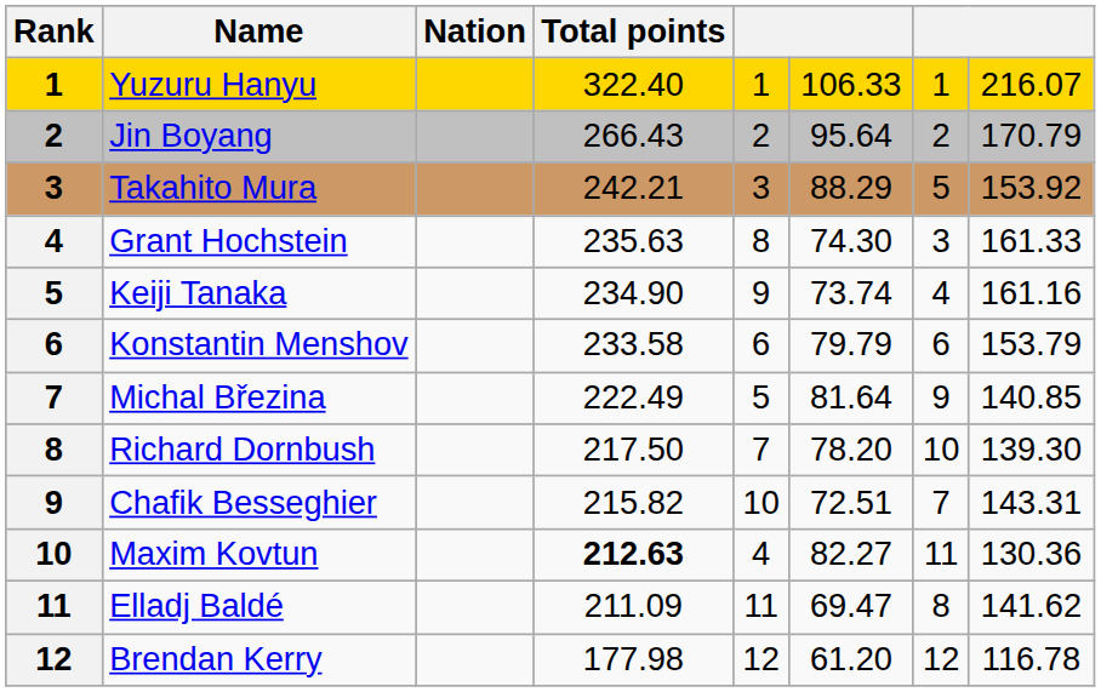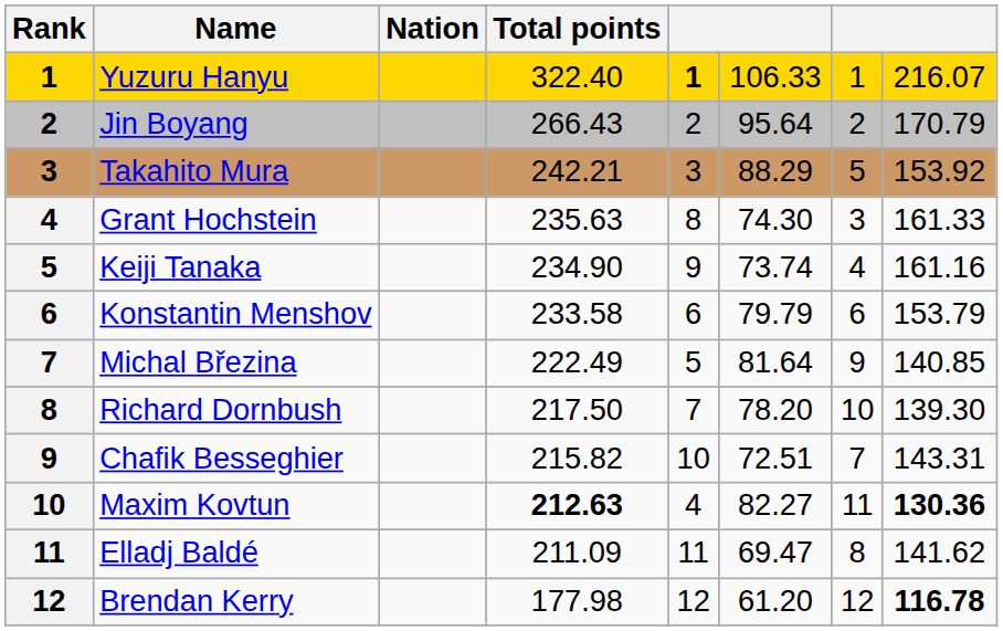 <table class="wikitable sortable">
 <tr>
 <th>Rank</th>
 <th>Name</th>
 <th>Nation</th>
 <th>Total points</th>
 <th colspan="2" width="80px"></th>
 <th colspan="2" width="80px"></th>
 </tr>
 <tr bgcolor="gold">
 <td align="center"><strong>1</strong></td>
 <td><a href='#'>Yuzuru Hanyu</a></td>
 <td></td>
 <td align="center">322.40</td>
-<td align="center">1</td>
+<td align="center"><strong>1</strong></td>
 <td align="center">106.33</td>
 <td align="center">1</td>
 <td align="center">216.07</td>
 </tr>
 <tr bgcolor="silver">
 <td align="center"><strong>2</strong></td>
 <td><a href='#'>Jin Boyang</a></td>
 <td></td>
 <td align="center">266.43</td>
 <td align="center">2</td>
 <td align="center">95.64</td>
 <td align="center">2</td>
 <td align="center">170.79</td>
 </tr>
 <tr bgcolor="cc9966">
 <td align="center"><strong>3</strong></td>
 <td><a href='#'>Takahito Mura</a></td>
 <td></td>
 <td align="center">242.21</td>
 <td align="center">3</td>
 <td align="center">88.29</td>
 <td align="center">5</td>
 <td align="center">153.92</td>
 </tr>
 <tr>
 <th>4</th>
 <td><a href='#'>Grant Hochstein</a></td>
 <td></td>
 <td align="center">235.63</td>
 <td align="center">8</td>
 <td align="center">74.30</td>
 <td align="center">3</td>
 <td align="center">161.33</td>
 </tr>
 <tr>
 <th>5</th>
 <td><a href='#'>Keiji Tanaka</a></td>
 <td></td>
 <td align="center">234.90</td>
 <td align="center">9</td>
 <td align="center">73.74</td>
 <td align="center">4</td>
 <td align="center">161.16</td>
 </tr>
 <tr>
 <th>6</th>
 <td><a href='#'>Konstantin Menshov</a></td>
 <td></td>
 <td align="center">233.58</td>
 <td align="center">6</td>
 <td align="center">79.79</td>
 <td align="center">6</td>
 <td align="center">153.79</td>
 </tr>
 <tr>
 <th>7</th>
 <td><a href='#'>Michal Březina</a></td>
 <td></td>
 <td align="center">222.49</td>
 <td align="center">5</td>
 <td align="center">81.64</td>
 <td align="center">9</td>
 <td align="center">140.85</td>
 </tr>
 <tr>
 <th>8</th>
 <td><a href='#'>Richard Dornbush</a></td>
 <td></td>
 <td align="center">217.50</td>
 <td align="center">7</td>
 <td align="center">78.20</td>
 <td align="center">10</td>
 <td align="center">139.30</td>
 </tr>
 <tr>
 <th>9</th>
 <td><a href='#'>Chafik Besseghier</a></td>
 <td></td>
 <td align="center">215.82</td>
 <td align="center">10</td>
 <td align="center">72.51</td>
 <td align="center">7</td>
 <td align="center">143.31</td>
 </tr>
 <tr>
 <th>10</th>
 <td><a href='#'>Maxim Kovtun</a></td>
 <td></td>
 <td align="center"><strong>212.63</strong></td>
 <td align="center">4</td>
 <td align="center">82.27</td>
 <td align="center">11</td>
-<td align="center">130.36</td>
+<td align="center"><strong>130.36</strong></td>
 </tr>
 <tr>
 <th>11</th>
 <td><a href='#'>Elladj Baldé</a></td>
 <td></td>
 <td align="center">211.09</td>
 <td align="center">11</td>
 <td align="center">69.47</td>
 <td align="center">8</td>
 <td align="center">141.62</td>
 </tr>
 <tr>
 <th>12</th>
 <td><a href='#'>Brendan Kerry</a></td>
 <td></td>
 <td align="center">177.98</td>
 <td align="center">12</td>
 <td align="center">61.20</td>
 <td align="center">12</td>
-<td align="center">116.78</td>
+<td align="center"><strong>116.78</strong></td>
 </tr>
 </table>
